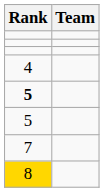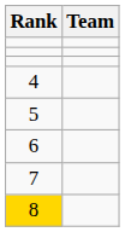 <table class=wikitable style="text-align:center;">
 <tr>
 <th>Rank</th>
 <th>Team</th>
 </tr>
 <tr>
 <td></td>
 <td align=left></td>
 </tr>
 <tr>
 <td></td>
 <td align=left></td>
 </tr>
 <tr>
 <td></td>
 <td align=left></td>
 </tr>
 <tr>
 <td>4</td>
 <td align=left></td>
 </tr>
 <tr>
-<td><strong>5</strong></td>
+<td>5</td>
 <td align=left></td>
 </tr>
 <tr>
-<td>5</td>
+<td>6</td>
 <td align=left></td>
 </tr>
 <tr>
 <td>7</td>
 <td align=left></td>
 </tr>
 <tr>
 <td style="background: gold;">8</td>
 <td align=left></td>
 </tr>
 </table>
